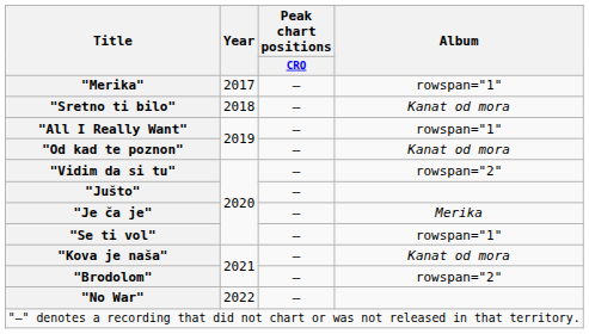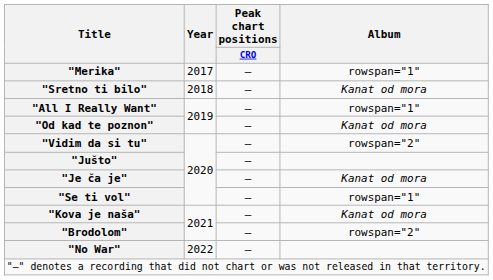 <table class="wikitable plainrowheaders" style="text-align:center;">
 <tr>
 <th scope="col" rowspan="2" style="width:16em;">Title</th>
 <th scope="col" rowspan="2" style="width:1em;">Year</th>
 <th scope="col" colspan="1">Peak chart positions</th>
 <th scope="col" rowspan="2">Album</th>
 </tr>
 <tr>
 <th scope="col" style="width:3em;font-size:85%;"><a href='#'>CRO</a><br></th>
 </tr>
 <tr>
 <th scope="row">"Merika"</th>
 <td>2017</td>
 <td>—</td>
 <td>rowspan="1" </td>
 </tr>
 <tr>
 <th scope="row">"Sretno ti bilo"</th>
 <td>2018</td>
 <td>—</td>
 <td><em>Kanat od mora</em></td>
 </tr>
 <tr>
 <th scope="row">"All I Really Want"</th>
 <td rowspan="2">2019</td>
 <td>—</td>
 <td>rowspan="1" </td>
 </tr>
 <tr>
 <th scope="row">"Od kad te poznon"</th>
 <td>—</td>
 <td><em>Kanat od mora</em></td>
 </tr>
 <tr>
 <th scope="row">"Vidim da si tu"</th>
 <td rowspan="4">2020</td>
 <td>—</td>
 <td>rowspan="2" </td>
 </tr>
 <tr>
 <th scope="row">"Jušto"</th>
 <td>—</td>
 </tr>
 <tr>
 <th scope="row">"Je ča je"</th>
 <td>—</td>
-<td><em>Merika</em></td>
+<td><em>Kanat od mora</em></td>
 </tr>
 <tr>
 <th scope="row">"Se ti vol"</th>
 <td>—</td>
 <td>rowspan="1" </td>
 </tr>
 <tr>
 <th scope="row">"Kova je naša"</th>
 <td rowspan="2">2021</td>
 <td>—</td>
 <td><em>Kanat od mora</em></td>
 </tr>
 <tr>
 <th scope="row">"Brodolom"</th>
 <td>—</td>
 <td>rowspan="2" </td>
 </tr>
 <tr>
 <th scope="row">"No War"</th>
 <td rowspan="1">2022</td>
 <td>—</td>
 </tr>
 <tr>
 <td colspan="15" style="font-size:90%;">"—" denotes a recording that did not chart or was not released in that territory.</td>
 </tr>
 </table>
